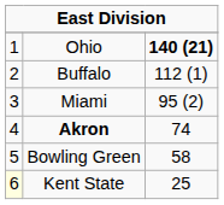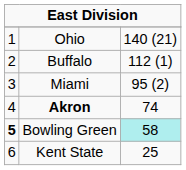 <table class="wikitable">
 <tr align="center">
 <td align="center" Colspan="3"><strong>East Division</strong></td>
 </tr>
 <tr align="center">
 </tr>
 <tr align="center">
 <td>1</td>
 <td>Ohio</td>
-<td><strong>140 (21)</strong></td>
+<td>140 (21)</td>
 </tr>
 <tr align="center">
 <td>2</td>
 <td>Buffalo</td>
 <td>112 (1)</td>
 </tr>
 <tr align="center">
 <td>3</td>
 <td>Miami</td>
 <td>95 (2)</td>
 </tr>
 <tr align="center">
 <td>4</td>
 <td><strong>Akron</strong></td>
 <td>74</td>
 </tr>
 <tr align="center">
-<td>5</td>
+<td><strong>5</strong></td>
 <td>Bowling Green</td>
-<td>58</td>
+<td style="background: paleturquoise;">58</td>
 </tr>
 <tr align="center">
-<td style="background: lightyellow;">6</td>
+<td>6</td>
 <td>Kent State</td>
 <td>25</td>
 </tr>
 </table>
